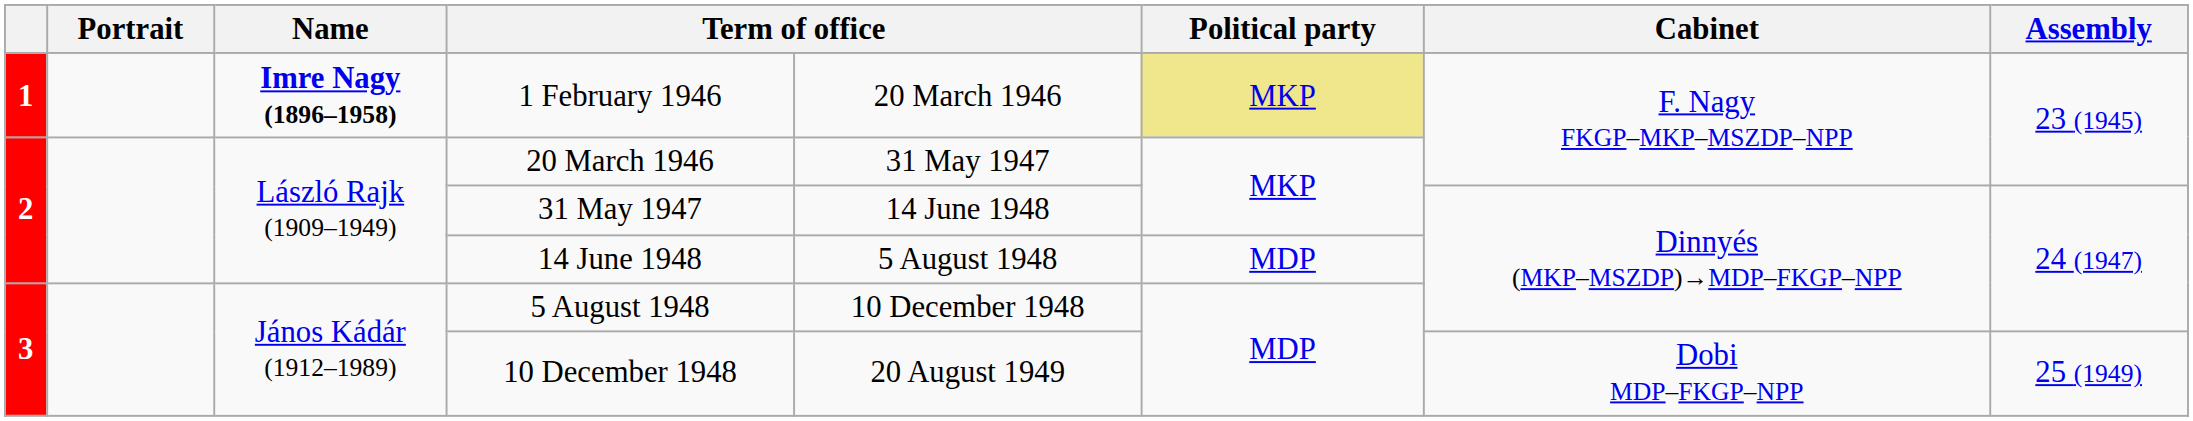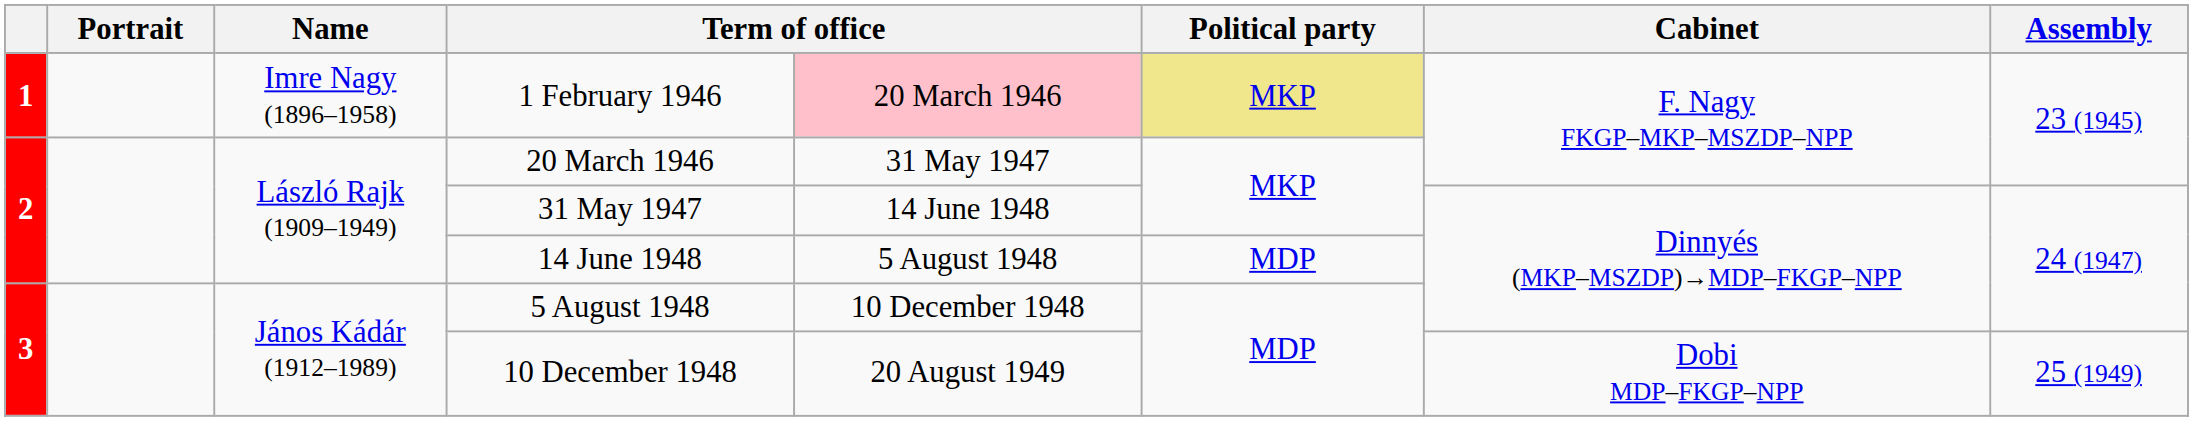 <table class="wikitable" style="width:90%; text-align:center;">
 <tr>
 <th></th>
 <th>Portrait</th>
 <th>Name<br></th>
 <th colspan=2>Term of office</th>
 <th>Political party</th>
 <th>Cabinet</th>
 <th><a href='#'>Assembly</a><br></th>
 </tr>
 <tr>
 <th style="background:Red; color:white;">1</th>
 <td></td>
-<td><strong><a href='#'>Imre Nagy</a><br><small>(1896–1958)</small></strong></td>
+<td><a href='#'>Imre Nagy</a><br><small>(1896–1958)</small></td>
 <td>1 February 1946</td>
-<td>20 March 1946</td>
+<td style="background: pink;">20 March 1946</td>
 <td style="background: khaki;"><a href='#'>MKP</a></td>
 <td rowspan="2"><a href='#'>F. Nagy</a><br><small><a href='#'>FKGP</a>–<a href='#'>MKP</a>–<a href='#'>MSZDP</a>–<a href='#'>NPP</a></small></td>
 <td rowspan="3"><a href='#'>23 <small>(1945)</small></a></td>
 </tr>
 <tr>
 <th rowspan="4" style="background:Red; color:white;">2</th>
 <td rowspan="4"></td>
 <td rowspan="4"><a href='#'>László Rajk</a><br><small>(1909–1949)</small></td>
 <td>20 March 1946</td>
 <td>31 May 1947</td>
 <td rowspan="3"><a href='#'>MKP</a></td>
 </tr>
 <tr>
 <td rowspan="2">31 May 1947</td>
 <td rowspan="2">14 June 1948</td>
 <td rowspan="4"><a href='#'>Dinnyés</a><br><small>(<a href='#'>MKP</a>–<a href='#'>MSZDP</a>)→<a href='#'>MDP</a>–<a href='#'>FKGP</a>–<a href='#'>NPP</a></small></td>
 </tr>
 <tr>
 <td rowspan="4"><a href='#'>24 <small>(1947)</small></a></td>
 </tr>
 <tr>
 <td>14 June 1948</td>
 <td>5 August 1948</td>
 <td><a href='#'>MDP</a></td>
 </tr>
 <tr>
 <th rowspan="3" style="background:Red; color:white;">3</th>
 <td rowspan="3"></td>
 <td rowspan="3"><a href='#'>János Kádár</a><br><small>(1912–1989)</small></td>
 <td>5 August 1948</td>
 <td>10 December 1948</td>
 <td rowspan="3"><a href='#'>MDP</a></td>
 </tr>
 <tr>
 <td rowspan="2">10 December 1948</td>
 <td rowspan="2">20 August 1949</td>
 <td rowspan="2"><a href='#'>Dobi</a><br><small><a href='#'>MDP</a>–<a href='#'>FKGP</a>–<a href='#'>NPP</a></small></td>
 </tr>
 <tr>
 <td><a href='#'>25 <small>(1949)</small></a></td>
 </tr>
 </table>
